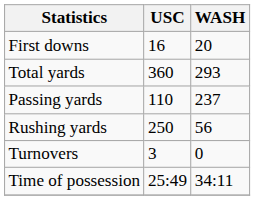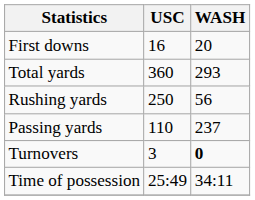 <table class="wikitable" style="float: left;">
 <tr>
 <th>Statistics</th>
 <th>USC</th>
 <th>WASH</th>
 </tr>
 <tr>
 <td>First downs</td>
 <td>16</td>
 <td>20</td>
 </tr>
 <tr>
 <td>Total yards</td>
 <td>360</td>
 <td>293</td>
 </tr>
 <tr>
+<td>Rushing yards</td>
+<td>250</td>
+<td>56</td>
+</tr>
+<tr>
 <td>Passing yards</td>
 <td>110</td>
 <td>237</td>
 </tr>
 <tr>
-<td>Rushing yards</td>
-<td>250</td>
-<td>56</td>
-</tr>
-<tr>
 <td>Turnovers</td>
 <td>3</td>
-<td>0</td>
+<td><strong>0</strong></td>
 </tr>
 <tr>
 <td>Time of possession</td>
 <td>25:49</td>
 <td>34:11</td>
 </tr>
 <tr>
 </tr>
 </table>
